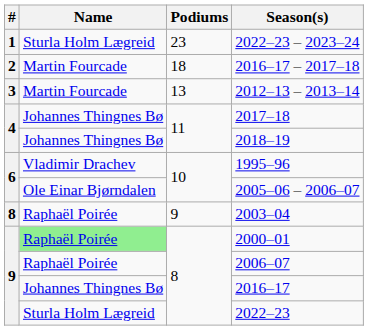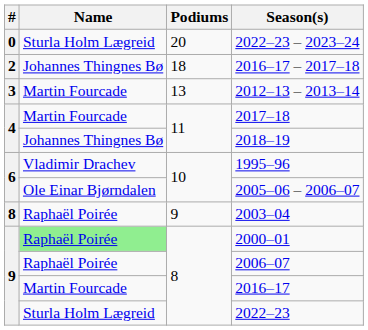 <table class="wikitable plainrowheaders" style="display:inline-table;">
 <tr>
 <th>#</th>
 <th>Name</th>
 <th>Podiums</th>
 <th>Season(s)</th>
 </tr>
 <tr>
-<th>1</th>
+<th>0</th>
 <td style="text-align:left"> <a href='#'>Sturla Holm Lægreid</a></td>
-<td>23</td>
+<td>20</td>
 <td><a href='#'>2022–23</a> – <a href='#'>2023–24</a></td>
 </tr>
 <tr>
 <th>2</th>
-<td style="text-align:left"> <a href='#'>Martin Fourcade</a></td>
+<td style="text-align:left"> <a href='#'>Johannes Thingnes Bø</a></td>
 <td>18</td>
 <td><a href='#'>2016–17</a> – <a href='#'>2017–18</a></td>
 </tr>
 <tr>
 <th>3</th>
 <td style="text-align:left"> <a href='#'>Martin Fourcade</a></td>
 <td>13</td>
 <td><a href='#'>2012–13</a> – <a href='#'>2013–14</a></td>
 </tr>
 <tr>
 <th rowspan=2>4</th>
-<td style="text-align:left"> <a href='#'>Johannes Thingnes Bø</a></td>
+<td style="text-align:left"> <a href='#'>Martin Fourcade</a></td>
 <td rowspan=2>11</td>
 <td><a href='#'>2017–18</a></td>
 </tr>
 <tr>
 <td style="text-align:left"> <a href='#'>Johannes Thingnes Bø</a></td>
 <td><a href='#'>2018–19</a></td>
 </tr>
 <tr>
 <th rowspan=2>6</th>
 <td style="text-align:left"> <a href='#'>Vladimir Drachev</a></td>
 <td rowspan=2>10</td>
 <td><a href='#'>1995–96</a></td>
 </tr>
 <tr>
 <td style="text-align:left"> <a href='#'>Ole Einar Bjørndalen</a></td>
 <td><a href='#'>2005–06</a> – <a href='#'>2006–07</a></td>
 </tr>
 <tr>
 <th>8</th>
 <td style="text-align:left"> <a href='#'>Raphaël Poirée</a></td>
 <td>9</td>
 <td><a href='#'>2003–04</a></td>
 </tr>
 <tr>
 <th rowspan=4>9</th>
 <td style="background: lightgreen; text-align:left"> <a href='#'>Raphaël Poirée</a></td>
 <td rowspan=4>8</td>
 <td><a href='#'>2000–01</a></td>
 </tr>
 <tr>
 <td style="text-align:left"> <a href='#'>Raphaël Poirée</a></td>
 <td><a href='#'>2006–07</a></td>
 </tr>
 <tr>
-<td style="text-align:left"> <a href='#'>Johannes Thingnes Bø</a></td>
+<td style="text-align:left"> <a href='#'>Martin Fourcade</a></td>
 <td><a href='#'>2016–17</a></td>
 </tr>
 <tr>
 <td style="text-align:left"> <a href='#'>Sturla Holm Lægreid</a></td>
 <td><a href='#'>2022–23</a></td>
 </tr>
 </table>
